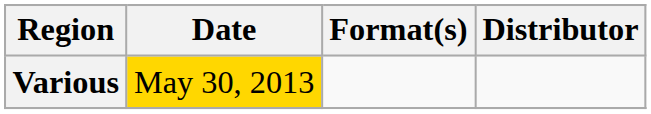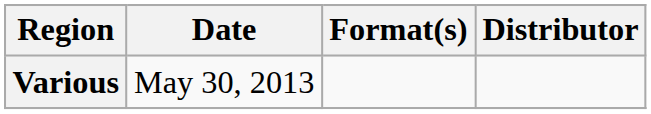 <table class="wikitable plainrowheaders">
 <tr>
 <th>Region</th>
 <th>Date</th>
 <th>Format(s)</th>
 <th>Distributor</th>
 </tr>
 <tr>
 <th scope="row">Various </th>
-<td style="background: gold;">May 30, 2013</td>
+<td>May 30, 2013</td>
 <td rowspan="2"></td>
 <td></td>
 </tr>
 <tr>
 </tr>
 </table>
